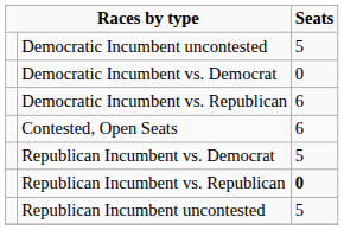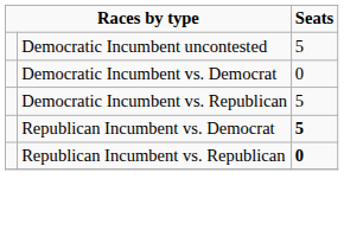 <table class="wikitable">
 <tr>
 <td colspan="2" style="text-align:center;"><strong>Races by type</strong></td>
 <td style="vertical-align:top;"><strong>Seats</strong><br></td>
 </tr>
 <tr>
 <td style="background-color:"> </td>
 <td>Democratic Incumbent uncontested</td>
 <td>5</td>
 </tr>
 <tr>
 <td style="background-color:"> </td>
 <td>Democratic Incumbent vs. Democrat</td>
 <td>0</td>
 </tr>
 <tr>
 <td style="background-color:"> </td>
 <td>Democratic Incumbent vs. Republican</td>
-<td>6</td>
-</tr>
-<tr>
-<td style="background-color:"> </td>
-<td>Contested, Open Seats</td>
-<td>6</td>
+<td>5</td>
 </tr>
 <tr>
 <td style="background-color:"> </td>
 <td>Republican Incumbent vs. Democrat</td>
-<td>5</td>
+<td><strong>5</strong></td>
 </tr>
 <tr>
 <td style="background-color:"> </td>
 <td>Republican Incumbent vs. Republican</td>
 <td><strong>0</strong></td>
 </tr>
 <tr>
-<td style="background-color:"> </td>
-<td>Republican Incumbent uncontested</td>
-<td>5</td>
-</tr>
-<tr>
 </tr>
 </table>
